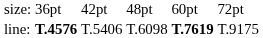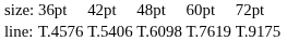 <table style="margin-left:40px;">
 <tr>
 <td>size:</td>
 <td>36pt</td>
 <td>42pt</td>
 <td>48pt</td>
 <td>60pt</td>
 <td>72pt</td>
 </tr>
 <tr>
 <td>line:</td>
-<td><strong>T.4576</strong></td>
+<td>T.4576</td>
 <td>T.5406</td>
 <td>T.6098</td>
-<td><strong>T.7619</strong></td>
+<td>T.7619</td>
 <td>T.9175</td>
 </tr>
 </table>
